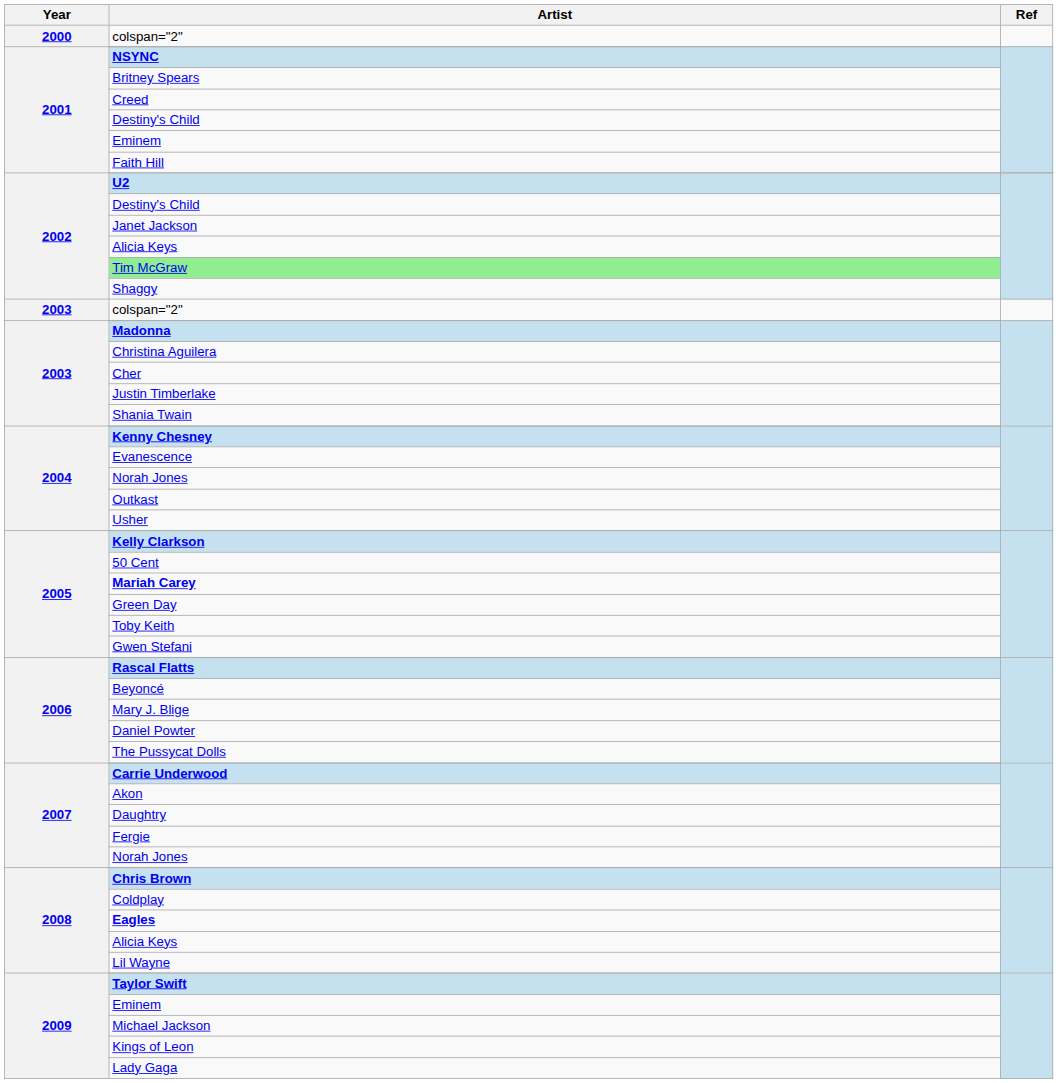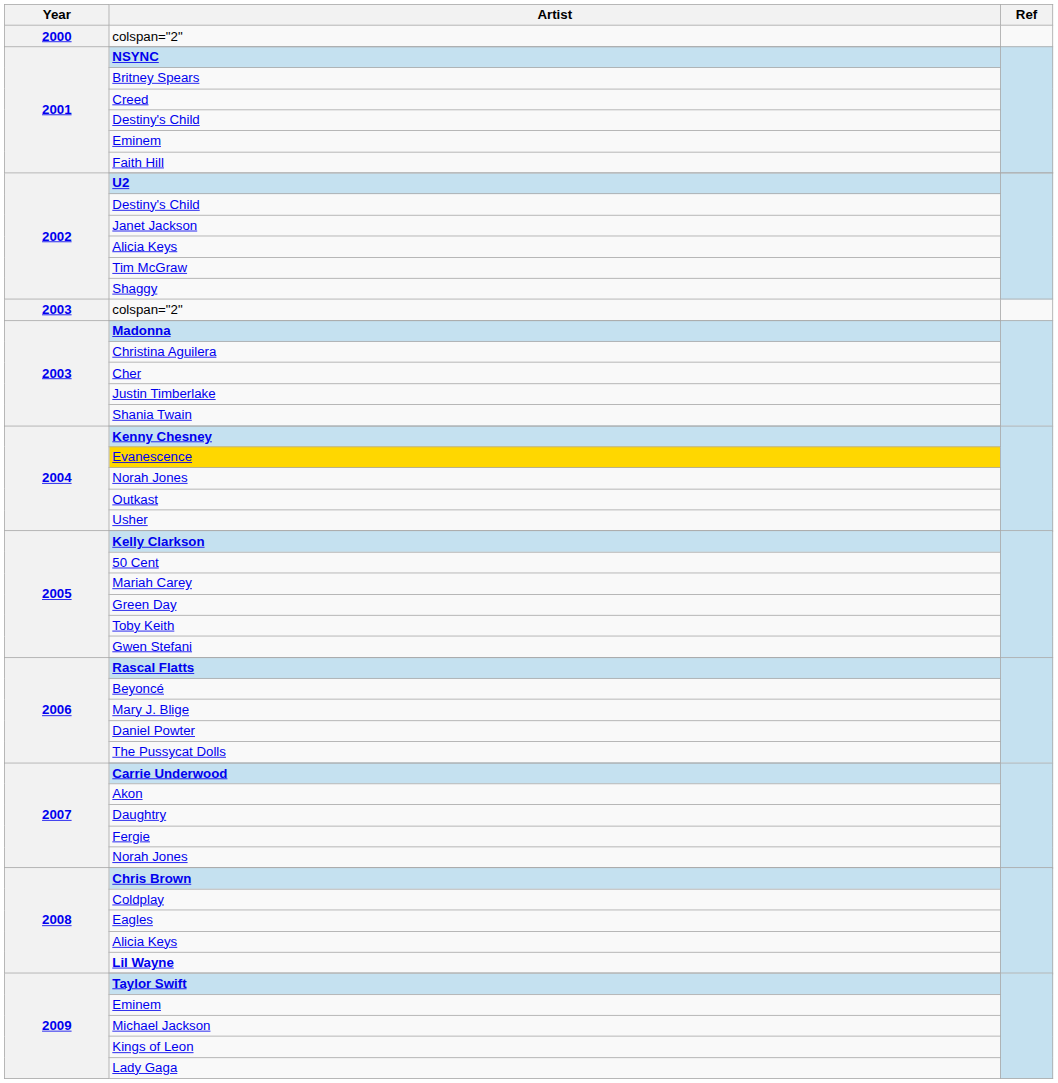 <table class="wikitable" width="100%">
 <tr>
 <th width="10%">Year</th>
 <th width="85%">Artist</th>
 <th width="5%">Ref</th>
 </tr>
 <tr>
 <th align="center"><a href='#'>2000</a></th>
 <td>colspan="2" </td>
 </tr>
 <tr>
 <th rowspan="7" align="center"><a href='#'>2001<br></a></th>
 </tr>
 <tr style="background:#c5e1f0">
 <td><strong><a href='#'>NSYNC</a></strong></td>
 <td rowspan="6" align="center"></td>
 </tr>
 <tr>
 <td><a href='#'>Britney Spears</a></td>
 </tr>
 <tr>
 <td><a href='#'>Creed</a></td>
 </tr>
 <tr>
 <td><a href='#'>Destiny's Child</a></td>
 </tr>
 <tr>
 <td><a href='#'>Eminem</a></td>
 </tr>
 <tr>
 <td><a href='#'>Faith Hill</a></td>
 </tr>
 <tr>
 <th rowspan="7" align="center"><a href='#'>2002<br></a></th>
 </tr>
 <tr style="background:#c5e1f0">
 <td><strong><a href='#'>U2</a></strong></td>
 <td rowspan="6" align="center"></td>
 </tr>
 <tr>
 <td><a href='#'>Destiny's Child</a></td>
 </tr>
 <tr>
 <td><a href='#'>Janet Jackson</a></td>
 </tr>
 <tr>
 <td><a href='#'>Alicia Keys</a></td>
 </tr>
 <tr>
-<td style="background: lightgreen;"><a href='#'>Tim McGraw</a></td>
+<td><a href='#'>Tim McGraw</a></td>
 </tr>
 <tr>
 <td><a href='#'>Shaggy</a></td>
 </tr>
 <tr>
 <th align="center"><a href='#'>2003</a></th>
 <td>colspan="2" </td>
 </tr>
 <tr>
 <th rowspan="6" align="center"><a href='#'>2003<br></a></th>
 </tr>
 <tr style="background:#c5e1f0">
 <td><strong><a href='#'>Madonna</a></strong></td>
 <td rowspan="6" align="center"></td>
 </tr>
 <tr>
 <td><a href='#'>Christina Aguilera</a></td>
 </tr>
 <tr>
 <td><a href='#'>Cher</a></td>
 </tr>
 <tr>
 <td><a href='#'>Justin Timberlake</a></td>
 </tr>
 <tr>
 <td><a href='#'>Shania Twain</a></td>
 </tr>
 <tr>
 <th rowspan="6" align="center"><a href='#'>2004<br></a></th>
 </tr>
 <tr style="background:#c5e1f0">
 <td><strong><a href='#'>Kenny Chesney</a></strong></td>
 <td rowspan="6" align="center"></td>
 </tr>
 <tr>
-<td><a href='#'>Evanescence</a></td>
+<td style="background: gold;"><a href='#'>Evanescence</a></td>
 </tr>
 <tr>
 <td><a href='#'>Norah Jones</a></td>
 </tr>
 <tr>
 <td><a href='#'>Outkast</a></td>
 </tr>
 <tr>
 <td><a href='#'>Usher</a></td>
 </tr>
 <tr>
 <th rowspan="7" align="center"><a href='#'>2005<br></a></th>
 </tr>
 <tr style="background:#c5e1f0">
 <td><strong><a href='#'>Kelly Clarkson</a></strong></td>
 <td rowspan="7" align="center"></td>
 </tr>
 <tr>
 <td><a href='#'>50 Cent</a></td>
 </tr>
 <tr>
-<td><strong><a href='#'>Mariah Carey</a></strong></td>
+<td><a href='#'>Mariah Carey</a></td>
 </tr>
 <tr>
 <td><a href='#'>Green Day</a></td>
 </tr>
 <tr>
 <td><a href='#'>Toby Keith</a></td>
 </tr>
 <tr>
 <td><a href='#'>Gwen Stefani</a></td>
 </tr>
 <tr>
 <th rowspan="6" align="center"><a href='#'>2006<br></a></th>
 </tr>
 <tr style="background:#c5e1f0">
 <td><strong><a href='#'>Rascal Flatts</a></strong></td>
 <td rowspan="6" align="center"></td>
 </tr>
 <tr>
 <td><a href='#'>Beyoncé</a></td>
 </tr>
 <tr>
 <td><a href='#'>Mary J. Blige</a></td>
 </tr>
 <tr>
 <td><a href='#'>Daniel Powter</a></td>
 </tr>
 <tr>
 <td><a href='#'>The Pussycat Dolls</a></td>
 </tr>
 <tr>
 <th rowspan="6" align="center"><a href='#'>2007<br></a></th>
 </tr>
 <tr style="background:#c5e1f0">
 <td><strong><a href='#'>Carrie Underwood</a></strong></td>
 <td rowspan="6" align="center"></td>
 </tr>
 <tr>
 <td><a href='#'>Akon</a></td>
 </tr>
 <tr>
 <td><a href='#'>Daughtry</a></td>
 </tr>
 <tr>
 <td><a href='#'>Fergie</a></td>
 </tr>
 <tr>
 <td><a href='#'>Norah Jones</a></td>
 </tr>
 <tr>
 <th rowspan="6" align="center"><a href='#'>2008<br></a></th>
 </tr>
 <tr style="background:#c5e1f0">
 <td><strong><a href='#'>Chris Brown</a></strong></td>
 <td rowspan="6" align="center"></td>
 </tr>
 <tr>
 <td><a href='#'>Coldplay</a></td>
 </tr>
 <tr>
-<td><strong><a href='#'>Eagles</a></strong></td>
+<td><a href='#'>Eagles</a></td>
 </tr>
 <tr>
 <td><a href='#'>Alicia Keys</a></td>
 </tr>
 <tr>
-<td><a href='#'>Lil Wayne</a></td>
+<td><strong><a href='#'>Lil Wayne</a></strong></td>
 </tr>
 <tr>
 <th rowspan="6" align="center"><a href='#'>2009<br></a></th>
 </tr>
 <tr style="background:#c5e1f0">
 <td><strong><a href='#'>Taylor Swift</a></strong></td>
 <td rowspan="6" align="center"></td>
 </tr>
 <tr>
 <td><a href='#'>Eminem</a></td>
 </tr>
 <tr>
 <td><a href='#'>Michael Jackson</a></td>
 </tr>
 <tr>
 <td><a href='#'>Kings of Leon</a></td>
 </tr>
 <tr>
 <td><a href='#'>Lady Gaga</a></td>
 </tr>
 </table>
